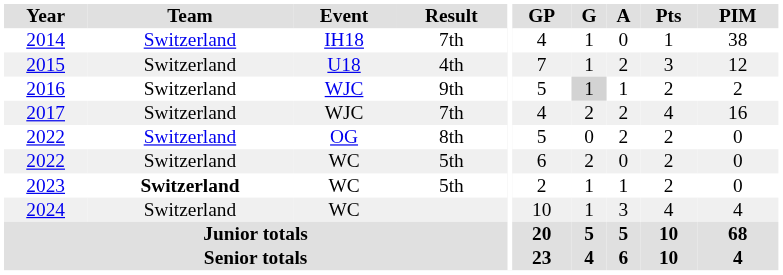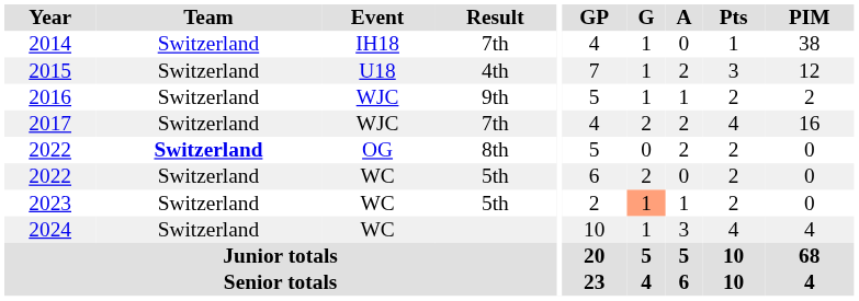 <table border="0" cellpadding="1" cellspacing="0" ID="Table3" style="text-align:center; width:40em">
 <tr ALIGN="center" bgcolor="#e0e0e0">
 <th>Year</th>
 <th>Team</th>
 <th>Event</th>
 <th>Result</th>
 <th rowspan="99" bgcolor="#ffffff"></th>
 <th>GP</th>
 <th>G</th>
 <th>A</th>
 <th>Pts</th>
 <th>PIM</th>
 </tr>
 <tr>
 <td><a href='#'>2014</a></td>
 <td><a href='#'>Switzerland</a></td>
 <td><a href='#'>IH18</a></td>
 <td>7th</td>
 <td>4</td>
 <td>1</td>
 <td>0</td>
 <td>1</td>
 <td>38</td>
 </tr>
 <tr bgcolor="#f0f0f0">
 <td><a href='#'>2015</a></td>
 <td>Switzerland</td>
 <td><a href='#'>U18</a></td>
 <td>4th</td>
 <td>7</td>
 <td>1</td>
 <td>2</td>
 <td>3</td>
 <td>12</td>
 </tr>
 <tr>
 <td><a href='#'>2016</a></td>
 <td>Switzerland</td>
 <td><a href='#'>WJC</a></td>
 <td>9th</td>
 <td>5</td>
-<td style="background: lightgrey;">1</td>
+<td>1</td>
 <td>1</td>
 <td>2</td>
 <td>2</td>
 </tr>
 <tr bgcolor="#f0f0f0">
 <td><a href='#'>2017</a></td>
 <td>Switzerland</td>
 <td>WJC</td>
 <td>7th</td>
 <td>4</td>
 <td>2</td>
 <td>2</td>
 <td>4</td>
 <td>16</td>
 </tr>
 <tr>
 <td><a href='#'>2022</a></td>
-<td><a href='#'>Switzerland</a></td>
+<td><strong><a href='#'>Switzerland</a></strong></td>
 <td><a href='#'>OG</a></td>
 <td>8th</td>
 <td>5</td>
 <td>0</td>
 <td>2</td>
 <td>2</td>
 <td>0</td>
 </tr>
 <tr bgcolor="#f0f0f0">
 <td><a href='#'>2022</a></td>
 <td>Switzerland</td>
 <td>WC</td>
 <td>5th</td>
 <td>6</td>
 <td>2</td>
 <td>0</td>
 <td>2</td>
 <td>0</td>
 </tr>
 <tr>
 <td><a href='#'>2023</a></td>
-<td><strong>Switzerland</strong></td>
+<td>Switzerland</td>
 <td>WC</td>
 <td>5th</td>
 <td>2</td>
-<td>1</td>
+<td style="background: lightsalmon;">1</td>
 <td>1</td>
 <td>2</td>
 <td>0</td>
 </tr>
 <tr bgcolor="#f0f0f0">
 <td><a href='#'>2024</a></td>
 <td>Switzerland</td>
 <td>WC</td>
 <td></td>
 <td>10</td>
 <td>1</td>
 <td>3</td>
 <td>4</td>
 <td>4</td>
 </tr>
 <tr bgcolor="#e0e0e0">
 <th colspan="4">Junior totals</th>
 <th>20</th>
 <th>5</th>
 <th>5</th>
 <th>10</th>
 <th>68</th>
 </tr>
 <tr bgcolor="#e0e0e0">
 <th colspan="4">Senior totals</th>
 <th>23</th>
 <th>4</th>
 <th>6</th>
 <th>10</th>
 <th>4</th>
 </tr>
 </table>
